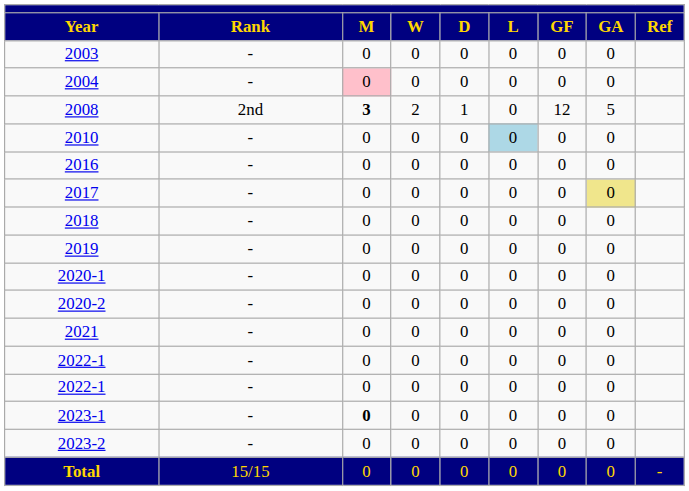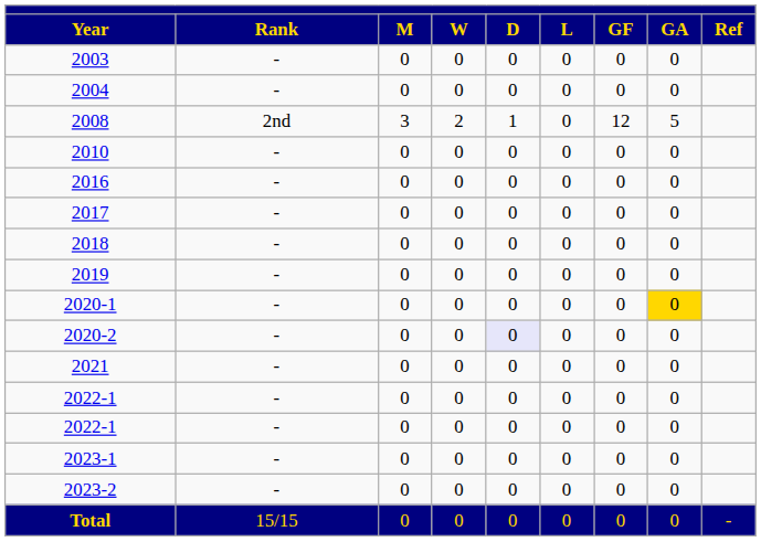 <table class="wikitable" style="text-align: center;font-size:90%;">
 <tr>
 <th style="background:#000080;" colspan=9></th>
 </tr>
 <tr style="color:gold;">
 <th style="background:#000080;" width=125>Year</th>
 <th style="background:#000080;" width=150>Rank</th>
 <th style="background:#000080;" width=35>M</th>
 <th style="background:#000080;" width=35>W</th>
 <th style="background:#000080;" width=35>D</th>
 <th style="background:#000080;" width=35>L</th>
 <th style="background:#000080;" width=35>GF</th>
 <th style="background:#000080;" width=35>GA</th>
 <th style="background:#000080;" width=35>Ref</th>
 </tr>
 <tr>
 <td> <a href='#'>2003</a></td>
 <td>-</td>
 <td>0</td>
 <td>0</td>
 <td>0</td>
 <td>0</td>
 <td>0</td>
 <td>0</td>
 <td></td>
 </tr>
 <tr>
 <td> <a href='#'>2004</a></td>
 <td>-</td>
-<td style="background: pink;">0</td>
+<td>0</td>
 <td>0</td>
 <td>0</td>
 <td>0</td>
 <td>0</td>
 <td>0</td>
 <td></td>
 </tr>
 <tr>
 <td> <a href='#'>2008</a></td>
 <td>2nd</td>
-<td><strong>3</strong></td>
+<td>3</td>
 <td>2</td>
 <td>1</td>
 <td>0</td>
 <td>12</td>
 <td>5</td>
 <td></td>
 </tr>
 <tr>
 <td> <a href='#'>2010</a></td>
 <td>-</td>
 <td>0</td>
 <td>0</td>
 <td>0</td>
-<td style="background: lightblue;">0</td>
+<td>0</td>
 <td>0</td>
 <td>0</td>
 <td></td>
 </tr>
 <tr>
 <td> <a href='#'>2016</a></td>
 <td>-</td>
 <td>0</td>
 <td>0</td>
 <td>0</td>
 <td>0</td>
 <td>0</td>
 <td>0</td>
 <td></td>
 </tr>
 <tr>
 <td> <a href='#'>2017</a></td>
 <td>-</td>
 <td>0</td>
 <td>0</td>
 <td>0</td>
 <td>0</td>
 <td>0</td>
-<td style="background: khaki;">0</td>
+<td>0</td>
 <td></td>
 </tr>
 <tr>
 <td> <a href='#'>2018</a></td>
 <td>-</td>
 <td>0</td>
 <td>0</td>
 <td>0</td>
 <td>0</td>
 <td>0</td>
 <td>0</td>
 <td></td>
 </tr>
 <tr>
 <td> <a href='#'>2019</a></td>
 <td>-</td>
 <td>0</td>
 <td>0</td>
 <td>0</td>
 <td>0</td>
 <td>0</td>
 <td>0</td>
 <td></td>
 </tr>
 <tr>
 <td> <a href='#'>2020-1</a></td>
 <td>-</td>
 <td>0</td>
 <td>0</td>
 <td>0</td>
 <td>0</td>
 <td>0</td>
-<td>0</td>
+<td style="background: gold;">0</td>
 <td></td>
 </tr>
 <tr>
 <td> <a href='#'>2020-2</a></td>
 <td>-</td>
 <td>0</td>
 <td>0</td>
-<td>0</td>
+<td style="background: lavender;">0</td>
 <td>0</td>
 <td>0</td>
 <td>0</td>
 <td></td>
 </tr>
 <tr>
 <td> <a href='#'>2021</a></td>
 <td>-</td>
 <td>0</td>
 <td>0</td>
 <td>0</td>
 <td>0</td>
 <td>0</td>
 <td>0</td>
 <td></td>
 </tr>
 <tr>
 <td> <a href='#'>2022-1</a></td>
 <td>-</td>
 <td>0</td>
 <td>0</td>
 <td>0</td>
 <td>0</td>
 <td>0</td>
 <td>0</td>
 <td></td>
 </tr>
 <tr>
 <td> <a href='#'>2022-1</a></td>
 <td>-</td>
 <td>0</td>
 <td>0</td>
 <td>0</td>
 <td>0</td>
 <td>0</td>
 <td>0</td>
 <td></td>
 </tr>
 <tr>
 <td> <a href='#'>2023-1</a></td>
 <td>-</td>
-<td><strong>0</strong></td>
+<td>0</td>
 <td>0</td>
 <td>0</td>
 <td>0</td>
 <td>0</td>
 <td>0</td>
 <td></td>
 </tr>
 <tr>
 <td> <a href='#'>2023-2</a></td>
 <td>-</td>
 <td>0</td>
 <td>0</td>
 <td>0</td>
 <td>0</td>
 <td>0</td>
 <td>0</td>
 <td></td>
 </tr>
 <tr bgcolor="#000080" style="color:gold;">
 <td><strong>Total</strong></td>
 <td>15/15</td>
 <td>0</td>
 <td>0</td>
 <td>0</td>
 <td>0</td>
 <td>0</td>
 <td>0</td>
 <td>-</td>
 </tr>
 </table>
